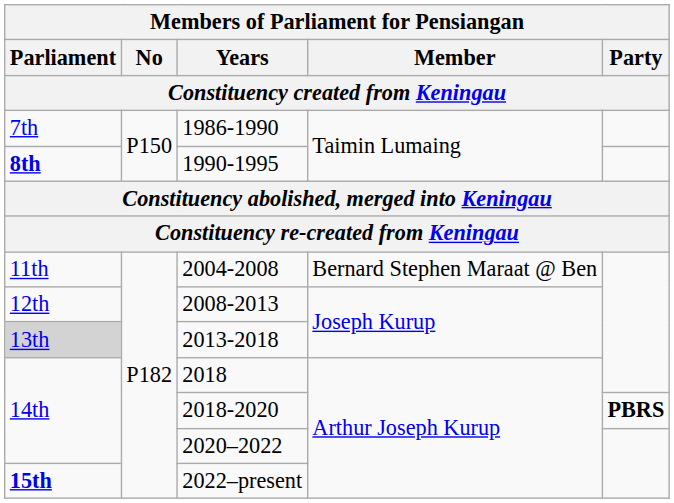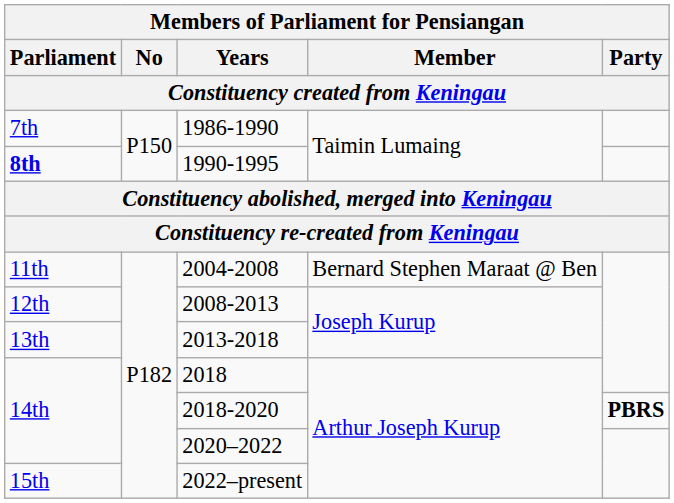 <table class=wikitable>
 <tr>
 <th colspan="5">Members of Parliament for Pensiangan</th>
 </tr>
 <tr>
 <th>Parliament</th>
 <th>No</th>
 <th>Years</th>
 <th>Member</th>
 <th>Party</th>
 </tr>
 <tr>
 <th colspan="5" align="center"><em>Constituency created from <a href='#'>Keningau</a></em></th>
 </tr>
 <tr>
 <td><a href='#'>7th</a></td>
 <td rowspan="2">P150</td>
 <td>1986-1990</td>
 <td rowspan=2>Taimin Lumaing</td>
 <td></td>
 </tr>
 <tr>
 <td><strong><a href='#'>8th</a></strong></td>
 <td>1990-1995</td>
 <td bgcolor=></td>
 </tr>
 <tr>
 <th colspan="5" align="center"><em>Constituency abolished, merged into <a href='#'>Keningau</a></em></th>
 </tr>
 <tr>
 <th colspan="5" align="center"><em>Constituency re-created from <a href='#'>Keningau</a></em></th>
 </tr>
 <tr>
 <td><a href='#'>11th</a></td>
 <td rowspan="7">P182</td>
 <td>2004-2008</td>
 <td>Bernard Stephen Maraat @ Ben</td>
 <td rowspan=4></td>
 </tr>
 <tr>
 <td><a href='#'>12th</a></td>
 <td>2008-2013</td>
 <td rowspan=2><a href='#'>Joseph Kurup</a></td>
 </tr>
 <tr>
-<td style="background: lightgrey;"><a href='#'>13th</a></td>
+<td><a href='#'>13th</a></td>
 <td>2013-2018</td>
 </tr>
 <tr>
 <td rowspan="3"><a href='#'>14th</a></td>
 <td>2018</td>
 <td rowspan="4"><a href='#'>Arthur Joseph Kurup</a></td>
 </tr>
 <tr>
 <td>2018-2020</td>
 <td><strong>PBRS</strong></td>
 </tr>
 <tr>
 <td>2020–2022</td>
 <td rowspan="2"></td>
 </tr>
 <tr>
-<td><strong><a href='#'>15th</a></strong></td>
+<td><a href='#'>15th</a></td>
 <td>2022–present</td>
 </tr>
 </table>
